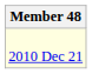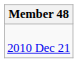 <table class=wikitable align=right>
 <tr>
 <th>Member 48</th>
 </tr>
 <tr>
-<td style="background: lightyellow;"><br><a href='#'>2010 Dec 21</a></td>
+<td><br><a href='#'>2010 Dec 21</a></td>
 </tr>
 </table>
